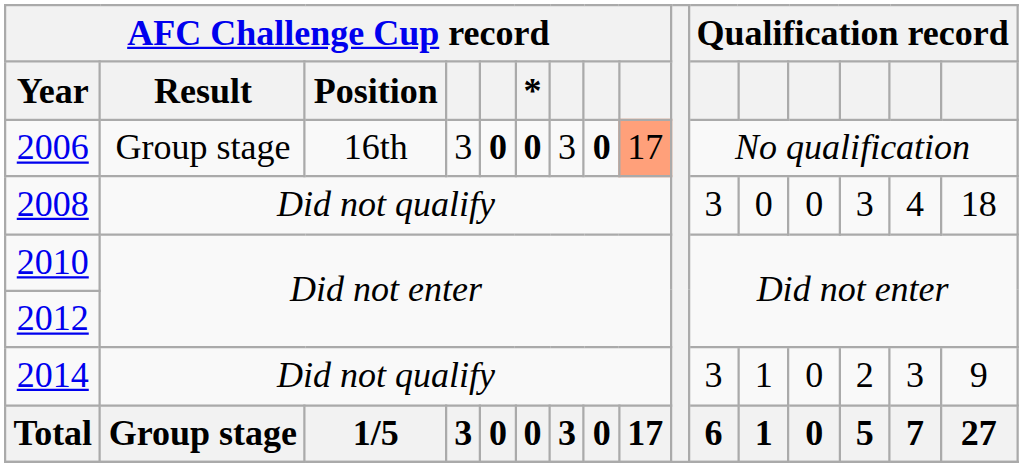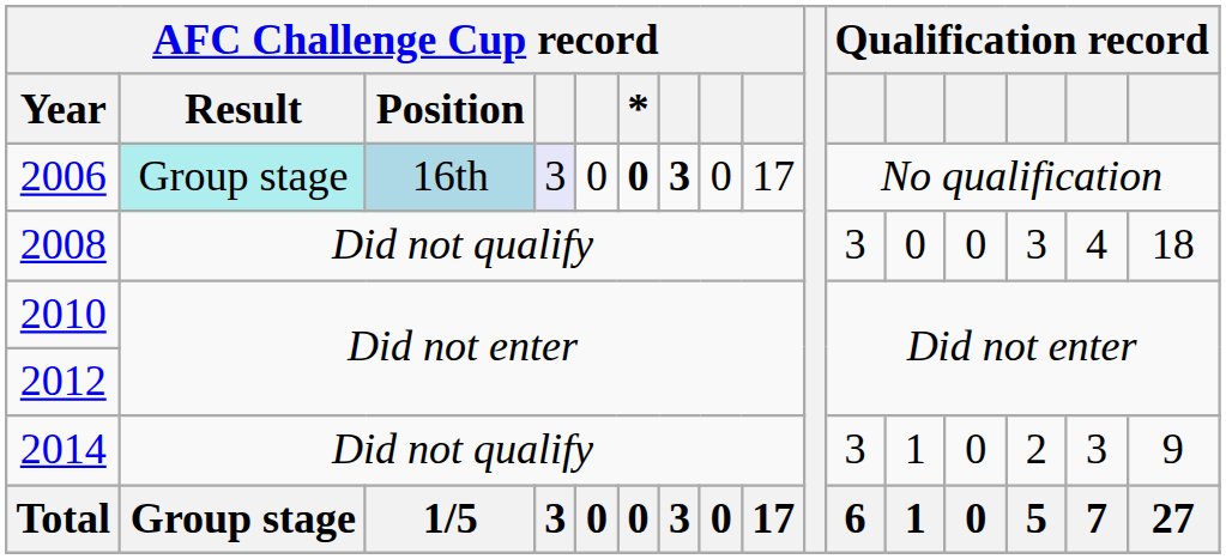 <table class="wikitable" style="text-align: center;">
 <tr>
 <th colspan=9><a href='#'>AFC Challenge Cup</a> record</th>
 <th rowspan=39></th>
 <th colspan=6>Qualification record</th>
 </tr>
 <tr>
 <th>Year</th>
 <th>Result</th>
 <th>Position</th>
 <th></th>
 <th></th>
 <th>*</th>
 <th></th>
 <th></th>
 <th></th>
 <th></th>
 <th></th>
 <th></th>
 <th></th>
 <th></th>
 <th></th>
 </tr>
 <tr>
 <td> <a href='#'>2006</a></td>
-<td>Group stage</td>
-<td>16th</td>
-<td>3</td>
+<td style="background: paleturquoise;">Group stage</td>
+<td style="background: lightblue;">16th</td>
+<td style="background: lavender;">3</td>
+<td>0</td>
 <td><strong>0</strong></td>
-<td><strong>0</strong></td>
-<td>3</td>
-<td><strong>0</strong></td>
-<td style="background: lightsalmon;">17</td>
+<td><strong>3</strong></td>
+<td>0</td>
+<td>17</td>
 <td colspan=6><em>No qualification</em></td>
 </tr>
 <tr>
 <td> <a href='#'>2008</a></td>
 <td colspan=8><em>Did not qualify</em></td>
 <td>3</td>
 <td>0</td>
 <td>0</td>
 <td>3</td>
 <td>4</td>
 <td>18</td>
 </tr>
 <tr>
 <td> <a href='#'>2010</a></td>
 <td colspan=8 rowspan=2><em>Did not enter</em></td>
 <td colspan=6 rowspan=2><em>Did not enter</em></td>
 </tr>
 <tr>
 <td> <a href='#'>2012</a></td>
 </tr>
 <tr>
 <td> <a href='#'>2014</a></td>
 <td colspan=8><em>Did not qualify</em></td>
 <td>3</td>
 <td>1</td>
 <td>0</td>
 <td>2</td>
 <td>3</td>
 <td>9</td>
 </tr>
 <tr>
 <th>Total</th>
 <th>Group stage</th>
 <th>1/5</th>
 <th>3</th>
 <th>0</th>
 <th>0</th>
 <th>3</th>
 <th>0</th>
 <th>17</th>
 <th>6</th>
 <th>1</th>
 <th>0</th>
 <th>5</th>
 <th>7</th>
 <th>27</th>
 </tr>
 <tr>
 </tr>
 </table>
